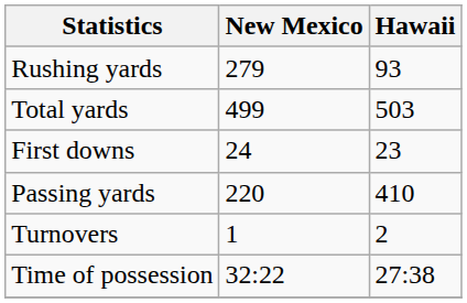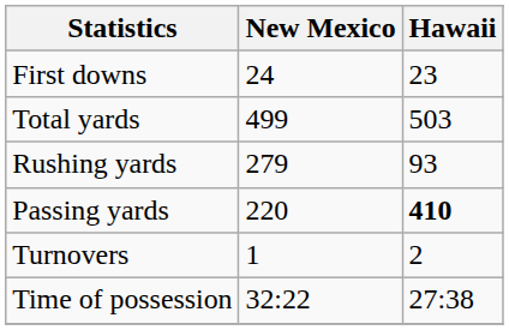 <table class="wikitable">
 <tr>
 <th>Statistics</th>
 <th>New Mexico</th>
 <th>Hawaii</th>
 </tr>
 <tr>
-<td>Rushing yards</td>
-<td>279</td>
-<td>93</td>
+<td>First downs</td>
+<td>24</td>
+<td>23</td>
 </tr>
 <tr>
 <td>Total yards</td>
 <td>499</td>
 <td>503</td>
 </tr>
 <tr>
-<td>First downs</td>
-<td>24</td>
-<td>23</td>
+<td>Rushing yards</td>
+<td>279</td>
+<td>93</td>
 </tr>
 <tr>
 <td>Passing yards</td>
 <td>220</td>
-<td>410</td>
+<td><strong>410</strong></td>
 </tr>
 <tr>
 <td>Turnovers</td>
 <td>1</td>
 <td>2</td>
 </tr>
 <tr>
 <td>Time of possession</td>
 <td>32:22</td>
 <td>27:38</td>
 </tr>
 <tr>
 </tr>
 </table>
